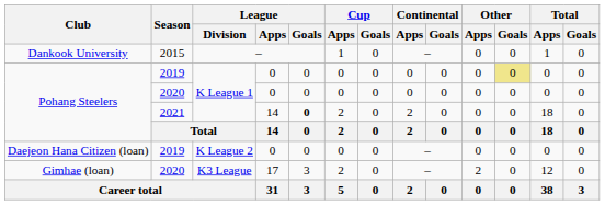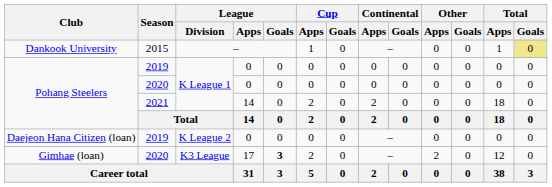 <table class="wikitable" style="text-align: center">
 <tr>
 <th rowspan="2">Club</th>
 <th rowspan="2">Season</th>
 <th colspan="3">League</th>
 <th colspan="2"><a href='#'>Cup</a></th>
 <th colspan="2">Continental</th>
 <th colspan="2">Other</th>
 <th colspan="2">Total</th>
 </tr>
 <tr>
 <th>Division</th>
 <th>Apps</th>
 <th>Goals</th>
 <th>Apps</th>
 <th>Goals</th>
 <th>Apps</th>
 <th>Goals</th>
 <th>Apps</th>
 <th>Goals</th>
 <th>Apps</th>
 <th>Goals</th>
 </tr>
 <tr>
 <td><a href='#'>Dankook University</a></td>
 <td>2015</td>
 <td colspan="3">–</td>
 <td>1</td>
 <td>0</td>
 <td colspan="2">–</td>
 <td>0</td>
 <td>0</td>
 <td>1</td>
-<td>0</td>
+<td style="background: khaki;">0</td>
 </tr>
 <tr>
 <td rowspan="4"><a href='#'>Pohang Steelers</a></td>
 <td><a href='#'>2019</a></td>
 <td rowspan="3"><a href='#'>K League 1</a></td>
 <td>0</td>
 <td>0</td>
 <td>0</td>
 <td>0</td>
 <td>0</td>
 <td>0</td>
 <td>0</td>
-<td style="background: khaki;">0</td>
+<td>0</td>
 <td>0</td>
 <td>0</td>
 </tr>
 <tr>
 <td><a href='#'>2020</a></td>
 <td>0</td>
 <td>0</td>
 <td>0</td>
 <td>0</td>
 <td>0</td>
 <td>0</td>
 <td>0</td>
 <td>0</td>
 <td>0</td>
 <td>0</td>
 </tr>
 <tr>
 <td><a href='#'>2021</a></td>
 <td>14</td>
-<td><strong>0</strong></td>
+<td>0</td>
 <td>2</td>
 <td>0</td>
 <td>2</td>
 <td>0</td>
 <td>0</td>
 <td>0</td>
 <td>18</td>
 <td>0</td>
 </tr>
 <tr>
 <th colspan=2>Total</th>
 <th>14</th>
 <th>0</th>
 <th>2</th>
 <th>0</th>
 <th>2</th>
 <th>0</th>
 <th>0</th>
 <th>0</th>
 <th>18</th>
 <th>0</th>
 </tr>
 <tr>
 <td><a href='#'>Daejeon Hana Citizen</a> (loan)</td>
 <td><a href='#'>2019</a></td>
 <td><a href='#'>K League 2</a></td>
 <td>0</td>
 <td>0</td>
 <td>0</td>
 <td>0</td>
 <td colspan="2">–</td>
 <td>0</td>
 <td>0</td>
 <td>0</td>
 <td>0</td>
 </tr>
 <tr>
 <td><a href='#'>Gimhae</a> (loan)</td>
 <td><a href='#'>2020</a></td>
 <td><a href='#'>K3 League</a></td>
 <td>17</td>
-<td>3</td>
+<td><strong>3</strong></td>
 <td>2</td>
 <td>0</td>
 <td colspan="2">–</td>
 <td>2</td>
 <td>0</td>
 <td>12</td>
 <td>0</td>
 </tr>
 <tr>
 <th colspan=3>Career total</th>
 <th>31</th>
 <th>3</th>
 <th>5</th>
 <th>0</th>
 <th>2</th>
 <th>0</th>
 <th>0</th>
 <th>0</th>
 <th>38</th>
 <th>3</th>
 </tr>
 </table>
